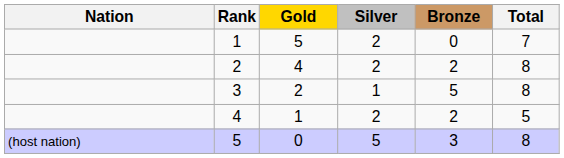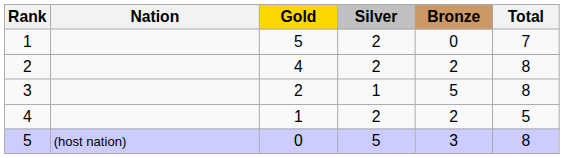 <table class="wikitable sortable plainrowheaders" style="text-align:center;max-width: 15cm; width: 100%">
 <tr>
+<th scope="col" style="width:4%">Rank</th>
 <th scope="col">Nation</th>
-<th scope="col" style="width:4%">Rank</th>
 <th scope="col" style="background-color:gold; width:14%;">Gold</th>
 <th scope="col" style="background-color:silver; width:14%;">Silver</th>
 <th scope="col" style="background-color:#cc9966; width:14%;">Bronze</th>
 <th scope="col" style="width:12%;">Total</th>
 </tr>
 <tr>
+<td>1</td>
 <td align=left></td>
-<td>1</td>
 <td>5</td>
 <td>2</td>
 <td>0</td>
 <td>7</td>
 </tr>
 <tr>
+<td>2</td>
 <td align=left></td>
-<td>2</td>
 <td>4</td>
 <td>2</td>
 <td>2</td>
 <td>8</td>
 </tr>
 <tr>
+<td>3</td>
 <td align=left></td>
-<td>3</td>
 <td>2</td>
 <td>1</td>
 <td>5</td>
 <td>8</td>
 </tr>
 <tr>
+<td>4</td>
 <td align=left></td>
-<td>4</td>
 <td>1</td>
 <td>2</td>
 <td>2</td>
 <td>5</td>
 </tr>
 <tr style="background:#ccccff">
+<td>5</td>
 <td align=left> <small>(host nation)</small></td>
-<td>5</td>
 <td>0</td>
 <td>5</td>
 <td>3</td>
 <td>8</td>
 </tr>
 </table>
